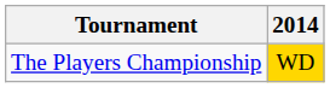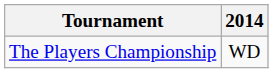 <table class="wikitable" style="font-size:95%;text-align:center;">
 <tr>
 <th>Tournament</th>
 <th>2014</th>
 </tr>
 <tr>
 <td align=left><a href='#'>The Players Championship</a></td>
-<td style="background: gold;">WD</td>
+<td>WD</td>
 </tr>
 </table>
